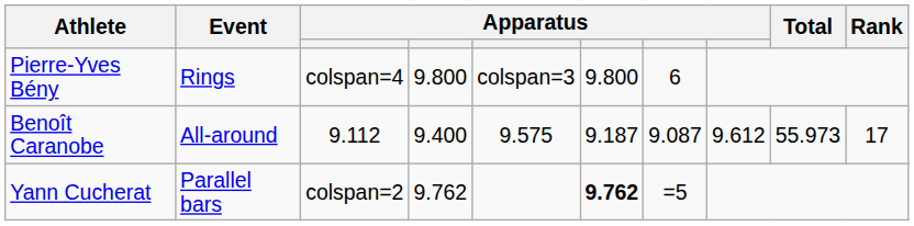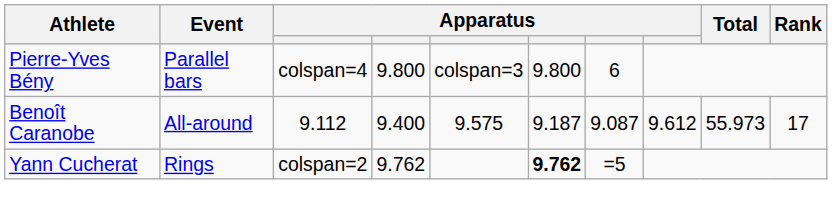 <table class="wikitable" style="font-size:90%">
 <tr>
 <th rowspan=2>Athlete</th>
 <th rowspan=2>Event</th>
 <th colspan =6>Apparatus</th>
 <th rowspan=2>Total</th>
 <th rowspan=2>Rank</th>
 </tr>
 <tr style="font-size:95%">
 <th></th>
 <th></th>
 <th></th>
 <th></th>
 <th></th>
 <th></th>
 </tr>
 <tr align=center>
 <td align=left><a href='#'>Pierre-Yves Bény</a></td>
-<td align=left><a href='#'>Rings</a></td>
+<td align=left><a href='#'>Parallel bars</a></td>
 <td>colspan=4 </td>
 <td>9.800</td>
 <td>colspan=3 </td>
 <td>9.800</td>
 <td>6</td>
 </tr>
 <tr align=center>
 <td align=left><a href='#'>Benoît Caranobe</a></td>
 <td align=left><a href='#'>All-around</a></td>
 <td>9.112</td>
 <td>9.400</td>
 <td>9.575</td>
 <td>9.187</td>
 <td>9.087</td>
 <td>9.612</td>
 <td>55.973</td>
 <td>17</td>
 </tr>
 <tr align=center>
 <td align=left><a href='#'>Yann Cucherat</a></td>
-<td align=left><a href='#'>Parallel bars</a></td>
+<td align=left><a href='#'>Rings</a></td>
 <td>colspan=2 </td>
 <td>9.762</td>
 <td></td>
 <td><strong>9.762</strong></td>
 <td>=5</td>
 </tr>
 </table>
